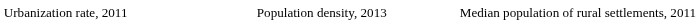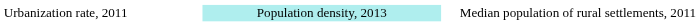 <table class="whitetable" style="text-align:center">
 <tr>
 <td width="32%"></td>
 <td width="2%"></td>
 <td width="32%"></td>
 <td width="2%"></td>
 <td width="32%"></td>
 </tr>
 <tr>
 <td>Urbanization rate, 2011</td>
 <td></td>
-<td>Population density, 2013</td>
+<td style="background: paleturquoise;">Population density, 2013</td>
 <td></td>
 <td>Median population of rural settlements, 2011</td>
 </tr>
 </table>
